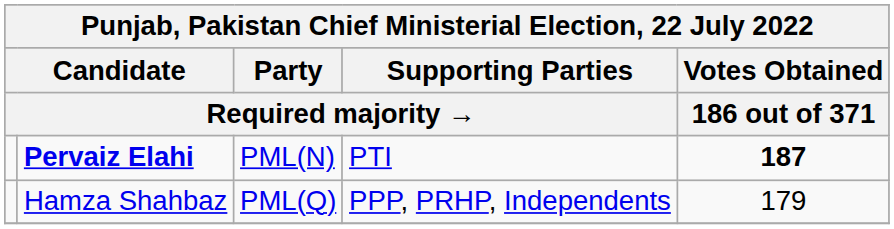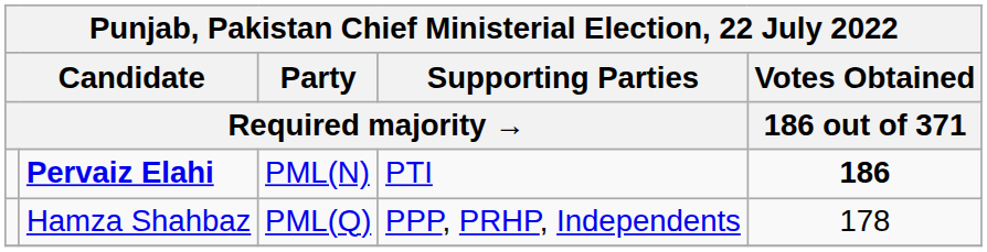 <table class="wikitable">
 <tr>
 <th colspan="5">Punjab, Pakistan Chief Ministerial Election, 22 July 2022</th>
 </tr>
 <tr>
 <th colspan="2">Candidate</th>
 <th>Party</th>
 <th>Supporting Parties</th>
 <th>Votes Obtained</th>
 </tr>
 <tr>
 <th colspan="4">Required majority →</th>
 <th>186 out of 371</th>
 </tr>
 <tr>
 <td></td>
 <td><a href='#'><strong>Pervaiz Elahi</strong></a></td>
 <td><a href='#'>PML(N)</a></td>
 <td><a href='#'>PTI</a></td>
-<td style="text-align:center;"><strong>187</strong> </td>
+<td style="text-align:center;"><strong>186</strong> </td>
 </tr>
 <tr>
 <td></td>
 <td><a href='#'>Hamza Shahbaz</a></td>
 <td><a href='#'>PML(Q)</a></td>
 <td><a href='#'>PPP</a>, <a href='#'>PRHP</a>, <a href='#'>Independents</a></td>
-<td style="text-align:center;">179 </td>
+<td style="text-align:center;">178 </td>
 </tr>
 <tr class="sortbottom" style="background:#f2f2f2;">
 </tr>
 </table>
